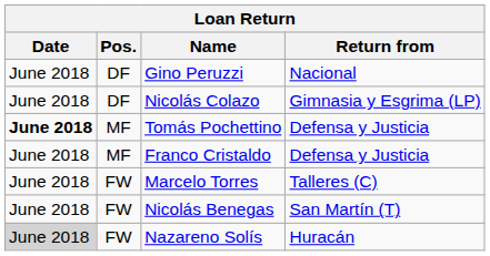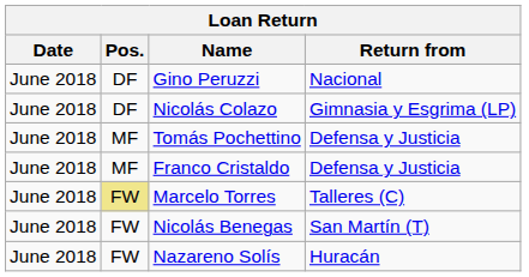 <table class="wikitable" style="font-size:95%;">
 <tr>
 <th colspan="5">Loan Return</th>
 </tr>
 <tr>
 <th>Date</th>
 <th>Pos.</th>
 <th>Name</th>
 <th>Return from</th>
 </tr>
 <tr>
 <td>June 2018</td>
 <td align="center">DF</td>
 <td> <a href='#'>Gino Peruzzi</a></td>
 <td> <a href='#'>Nacional</a></td>
 </tr>
 <tr>
 <td>June 2018</td>
 <td align="center">DF</td>
 <td> <a href='#'>Nicolás Colazo</a></td>
 <td> <a href='#'>Gimnasia y Esgrima (LP)</a></td>
 </tr>
 <tr>
-<td><strong>June 2018</strong></td>
+<td>June 2018</td>
 <td align="center">MF</td>
 <td> <a href='#'>Tomás Pochettino</a></td>
 <td> <a href='#'>Defensa y Justicia</a></td>
 </tr>
 <tr>
 <td>June 2018</td>
 <td align="center">MF</td>
 <td> <a href='#'>Franco Cristaldo</a></td>
 <td> <a href='#'>Defensa y Justicia</a></td>
 </tr>
 <tr>
 <td>June 2018</td>
-<td align="center">FW</td>
+<td align="center" style="background: khaki;">FW</td>
 <td> <a href='#'>Marcelo Torres</a></td>
 <td> <a href='#'>Talleres (C)</a></td>
 </tr>
 <tr>
 <td>June 2018</td>
 <td align="center">FW</td>
 <td> <a href='#'>Nicolás Benegas</a></td>
 <td> <a href='#'>San Martín (T)</a></td>
 </tr>
 <tr>
-<td style="background: lightgrey;">June 2018</td>
+<td>June 2018</td>
 <td align="center">FW</td>
 <td> <a href='#'>Nazareno Solís</a></td>
 <td> <a href='#'>Huracán</a></td>
 </tr>
 </table>
